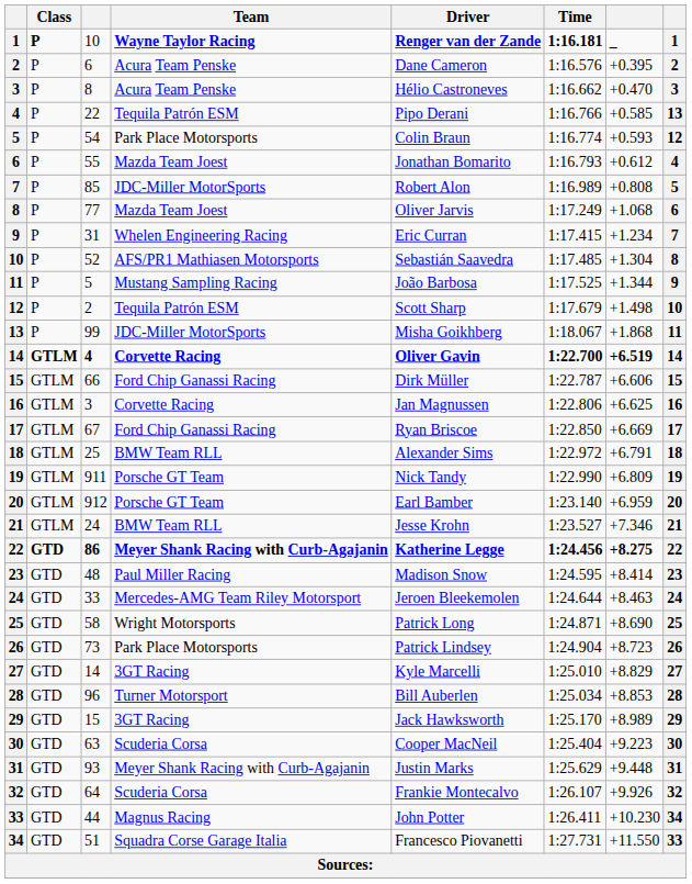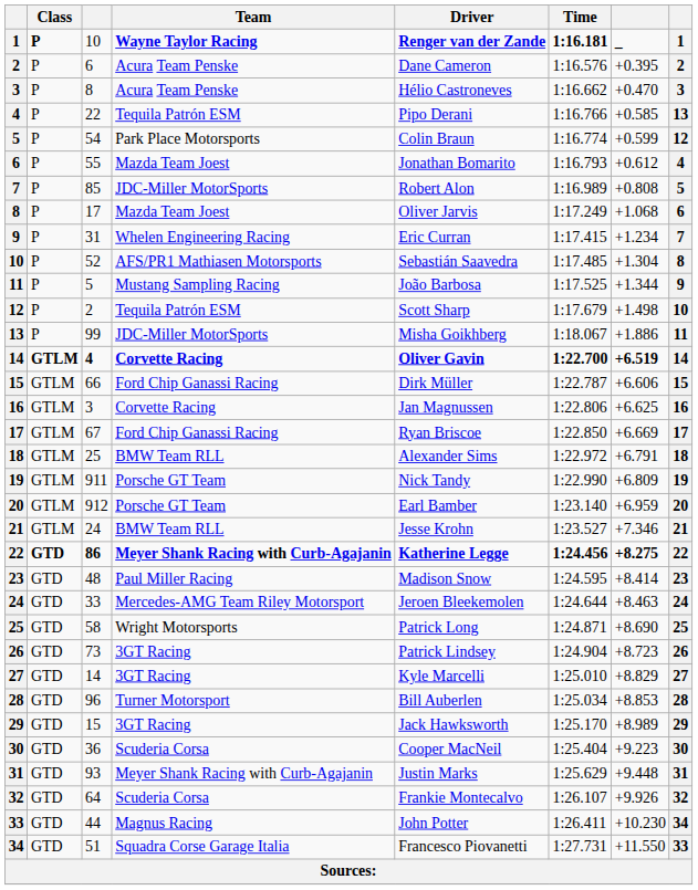 <table class="wikitable">
 <tr>
 <th scope="col"></th>
 <th scope="col">Class</th>
 <th scope="col"></th>
 <th scope="col">Team</th>
 <th scope="col">Driver</th>
 <th scope="col">Time</th>
 <th scope="col"></th>
 <th scope="col"></th>
 </tr>
 <tr>
 <th scope="row">1</th>
 <td><strong>P</strong></td>
 <td>10</td>
 <td><strong> <a href='#'>Wayne Taylor Racing</a></strong></td>
 <td><strong> <a href='#'>Renger van der Zande</a></strong></td>
 <td><strong>1:16.181</strong></td>
 <td><strong>_</strong></td>
 <th><strong>1</strong></th>
 </tr>
 <tr>
 <th scope="row">2</th>
 <td>P</td>
 <td>6</td>
 <td> <a href='#'>Acura</a> <a href='#'>Team Penske</a></td>
 <td> <a href='#'>Dane Cameron</a></td>
 <td>1:16.576</td>
 <td>+0.395</td>
 <th>2</th>
 </tr>
 <tr>
 <th scope="row">3</th>
 <td>P</td>
 <td>8</td>
 <td> <a href='#'>Acura</a> <a href='#'>Team Penske</a></td>
 <td> <a href='#'>Hélio Castroneves</a></td>
 <td>1:16.662</td>
 <td>+0.470</td>
 <th>3</th>
 </tr>
 <tr>
 <th scope="row">4</th>
 <td>P</td>
 <td>22</td>
 <td> <a href='#'>Tequila Patrón ESM</a></td>
 <td> <a href='#'>Pipo Derani</a></td>
 <td>1:16.766</td>
 <td>+0.585</td>
 <th>13</th>
 </tr>
 <tr>
 <th scope="row">5</th>
 <td>P</td>
 <td>54</td>
 <td> Park Place Motorsports</td>
 <td> <a href='#'>Colin Braun</a></td>
 <td>1:16.774</td>
-<td>+0.593</td>
+<td>+0.599</td>
 <th>12</th>
 </tr>
 <tr>
 <th scope="row">6</th>
 <td>P</td>
 <td>55</td>
 <td> <a href='#'>Mazda Team Joest</a></td>
 <td> <a href='#'>Jonathan Bomarito</a></td>
 <td>1:16.793</td>
 <td>+0.612</td>
 <th>4</th>
 </tr>
 <tr>
 <th scope="row">7</th>
 <td>P</td>
 <td>85</td>
 <td> <a href='#'>JDC-Miller MotorSports</a></td>
 <td> <a href='#'>Robert Alon</a></td>
 <td>1:16.989</td>
 <td>+0.808</td>
 <th>5</th>
 </tr>
 <tr>
 <th scope="row">8</th>
 <td>P</td>
-<td>77</td>
+<td>17</td>
 <td> <a href='#'>Mazda Team Joest</a></td>
 <td> <a href='#'>Oliver Jarvis</a></td>
 <td>1:17.249</td>
 <td>+1.068</td>
 <th>6</th>
 </tr>
 <tr>
 <th scope="row">9</th>
 <td>P</td>
 <td>31</td>
 <td> <a href='#'>Whelen Engineering Racing</a></td>
 <td> <a href='#'>Eric Curran</a></td>
 <td>1:17.415</td>
 <td>+1.234</td>
 <th>7</th>
 </tr>
 <tr>
 <th scope="row">10</th>
 <td>P</td>
 <td>52</td>
 <td> <a href='#'>AFS/PR1 Mathiasen Motorsports</a></td>
 <td> <a href='#'>Sebastián Saavedra</a></td>
 <td>1:17.485</td>
 <td>+1.304</td>
 <th>8</th>
 </tr>
 <tr>
 <th scope="row">11</th>
 <td>P</td>
 <td>5</td>
 <td> <a href='#'>Mustang Sampling Racing</a></td>
 <td> <a href='#'>João Barbosa</a></td>
 <td>1:17.525</td>
 <td>+1.344</td>
 <th>9</th>
 </tr>
 <tr>
 <th>12</th>
 <td>P</td>
 <td>2</td>
 <td> <a href='#'>Tequila Patrón ESM</a></td>
 <td> <a href='#'>Scott Sharp</a></td>
 <td>1:17.679</td>
 <td>+1.498</td>
 <th>10</th>
 </tr>
 <tr>
 <th scope="row">13</th>
 <td>P</td>
 <td>99</td>
 <td> <a href='#'>JDC-Miller MotorSports</a></td>
 <td> <a href='#'>Misha Goikhberg</a></td>
 <td>1:18.067</td>
-<td>+1.868</td>
+<td>+1.886</td>
 <th>11</th>
 </tr>
 <tr>
 <th scope="row">14</th>
 <td><strong>GTLM</strong></td>
 <td><strong>4</strong></td>
 <td><strong> <a href='#'>Corvette Racing</a></strong></td>
 <td><strong> <a href='#'>Oliver Gavin</a></strong></td>
 <td><strong>1:22.700</strong></td>
 <td><strong>+6.519</strong></td>
 <th>14</th>
 </tr>
 <tr>
 <th scope="row">15</th>
 <td>GTLM</td>
 <td>66</td>
 <td> <a href='#'>Ford Chip Ganassi Racing</a></td>
 <td> <a href='#'>Dirk Müller</a></td>
 <td>1:22.787</td>
 <td>+6.606</td>
 <th>15</th>
 </tr>
 <tr>
 <th scope="row">16</th>
 <td>GTLM</td>
 <td>3</td>
 <td> <a href='#'>Corvette Racing</a></td>
 <td> <a href='#'>Jan Magnussen</a></td>
 <td>1:22.806</td>
 <td>+6.625</td>
 <th><strong>16</strong></th>
 </tr>
 <tr>
 <th scope="row">17</th>
 <td>GTLM</td>
 <td>67</td>
 <td> <a href='#'>Ford Chip Ganassi Racing</a></td>
 <td> <a href='#'>Ryan Briscoe</a></td>
 <td>1:22.850</td>
 <td>+6.669</td>
 <th>17</th>
 </tr>
 <tr>
 <th scope="row">18</th>
 <td>GTLM</td>
 <td>25</td>
 <td> <a href='#'>BMW Team RLL</a></td>
 <td> <a href='#'>Alexander Sims</a></td>
 <td>1:22.972</td>
 <td>+6.791</td>
 <th>18</th>
 </tr>
 <tr>
 <th scope="row">19</th>
 <td>GTLM</td>
 <td>911</td>
 <td> <a href='#'>Porsche GT Team</a></td>
 <td> <a href='#'>Nick Tandy</a></td>
 <td>1:22.990</td>
 <td>+6.809</td>
 <th>19</th>
 </tr>
 <tr>
 <th scope="row">20</th>
 <td>GTLM</td>
 <td>912</td>
 <td> <a href='#'>Porsche GT Team</a></td>
 <td> <a href='#'>Earl Bamber</a></td>
 <td>1:23.140</td>
 <td>+6.959</td>
 <th>20</th>
 </tr>
 <tr>
 <th scope="row">21</th>
 <td>GTLM</td>
 <td>24</td>
 <td> <a href='#'>BMW Team RLL</a></td>
 <td> <a href='#'>Jesse Krohn</a></td>
 <td>1:23.527</td>
 <td>+7.346</td>
 <th>21</th>
 </tr>
 <tr>
 <th scope="row">22</th>
 <td><strong>GTD</strong></td>
 <td><strong>86</strong></td>
 <td><strong> <a href='#'>Meyer Shank Racing</a> with <a href='#'>Curb-Agajanin</a></strong></td>
 <td><strong> <a href='#'>Katherine Legge</a></strong></td>
 <td><strong>1:24.456</strong></td>
 <td><strong>+8.275</strong></td>
 <th>22</th>
 </tr>
 <tr>
 <th scope="row">23</th>
 <td>GTD</td>
 <td>48</td>
 <td> <a href='#'>Paul Miller Racing</a></td>
 <td> <a href='#'>Madison Snow</a></td>
 <td>1:24.595</td>
 <td>+8.414</td>
 <th>23</th>
 </tr>
 <tr>
 <th scope="row">24</th>
 <td>GTD</td>
 <td>33</td>
 <td> <a href='#'>Mercedes-AMG Team Riley Motorsport</a></td>
 <td> <a href='#'>Jeroen Bleekemolen</a></td>
 <td>1:24.644</td>
 <td>+8.463</td>
 <th><strong>24</strong></th>
 </tr>
 <tr>
 <th scope="row">25</th>
 <td>GTD</td>
 <td>58</td>
 <td> Wright Motorsports</td>
 <td> <a href='#'>Patrick Long</a></td>
 <td>1:24.871</td>
 <td>+8.690</td>
 <th>25</th>
 </tr>
 <tr>
 <th scope="row">26</th>
 <td>GTD</td>
 <td>73</td>
-<td> Park Place Motorsports</td>
+<td> <a href='#'>3GT Racing</a></td>
 <td> <a href='#'>Patrick Lindsey</a></td>
 <td>1:24.904</td>
 <td>+8.723</td>
 <th>26</th>
 </tr>
 <tr>
 <th scope="row">27</th>
 <td>GTD</td>
 <td>14</td>
 <td> <a href='#'>3GT Racing</a></td>
 <td> <a href='#'>Kyle Marcelli</a></td>
 <td>1:25.010</td>
 <td>+8.829</td>
 <th>27</th>
 </tr>
 <tr>
 <th scope="row">28</th>
 <td>GTD</td>
 <td>96</td>
 <td> <a href='#'>Turner Motorsport</a></td>
 <td> <a href='#'>Bill Auberlen</a></td>
 <td>1:25.034</td>
 <td>+8.853</td>
 <th>28</th>
 </tr>
 <tr>
 <th scope="row">29</th>
 <td>GTD</td>
 <td>15</td>
 <td> <a href='#'>3GT Racing</a></td>
 <td> <a href='#'>Jack Hawksworth</a></td>
 <td>1:25.170</td>
 <td>+8.989</td>
 <th>29</th>
 </tr>
 <tr>
 <th scope="row">30</th>
 <td>GTD</td>
-<td>63</td>
+<td>36</td>
 <td> <a href='#'>Scuderia Corsa</a></td>
 <td> <a href='#'>Cooper MacNeil</a></td>
 <td>1:25.404</td>
 <td>+9.223</td>
 <th>30</th>
 </tr>
 <tr>
 <th scope="row">31</th>
 <td>GTD</td>
 <td>93</td>
 <td> <a href='#'>Meyer Shank Racing</a> with <a href='#'>Curb-Agajanin</a></td>
 <td> <a href='#'>Justin Marks</a></td>
 <td>1:25.629</td>
 <td>+9.448</td>
 <th>31</th>
 </tr>
 <tr>
 <th>32</th>
 <td>GTD</td>
 <td>64</td>
 <td> <a href='#'>Scuderia Corsa</a></td>
 <td> <a href='#'>Frankie Montecalvo</a></td>
 <td>1:26.107</td>
 <td>+9.926</td>
 <th>32</th>
 </tr>
 <tr>
 <th scope="row">33</th>
 <td>GTD</td>
 <td>44</td>
 <td> <a href='#'>Magnus Racing</a></td>
 <td> <a href='#'>John Potter</a></td>
 <td>1:26.411</td>
 <td>+10.230</td>
 <th>34</th>
 </tr>
 <tr>
 <th scope="row">34</th>
 <td>GTD</td>
 <td>51</td>
 <td> <a href='#'>Squadra Corse Garage Italia</a></td>
 <td> Francesco Piovanetti</td>
 <td>1:27.731</td>
 <td>+11.550</td>
 <th>33</th>
 </tr>
 <tr>
 <th colspan="8">Sources:</th>
 </tr>
 <tr>
 </tr>
 </table>
